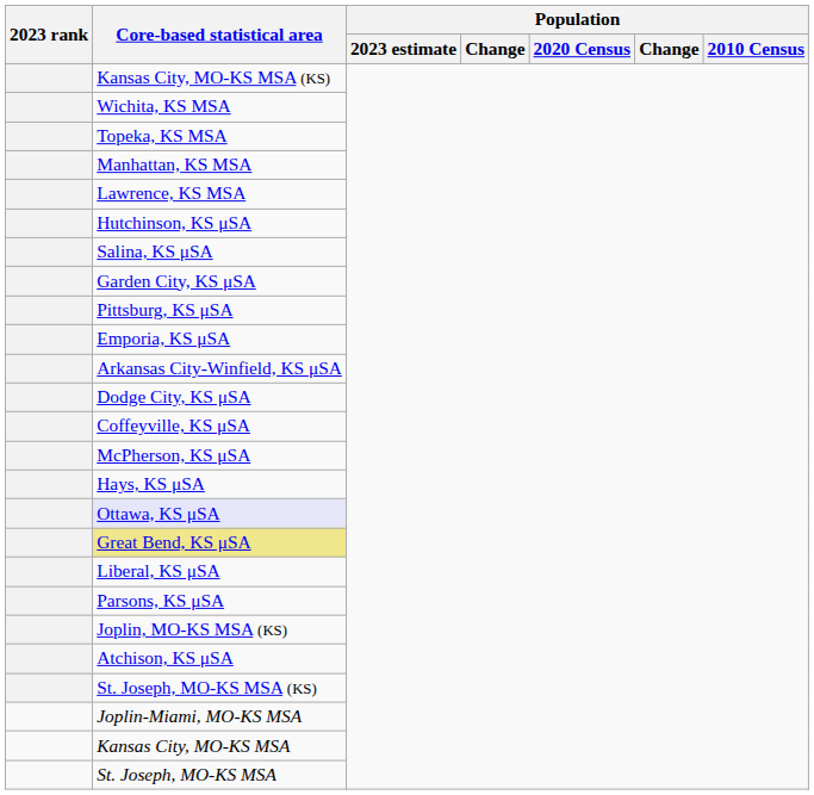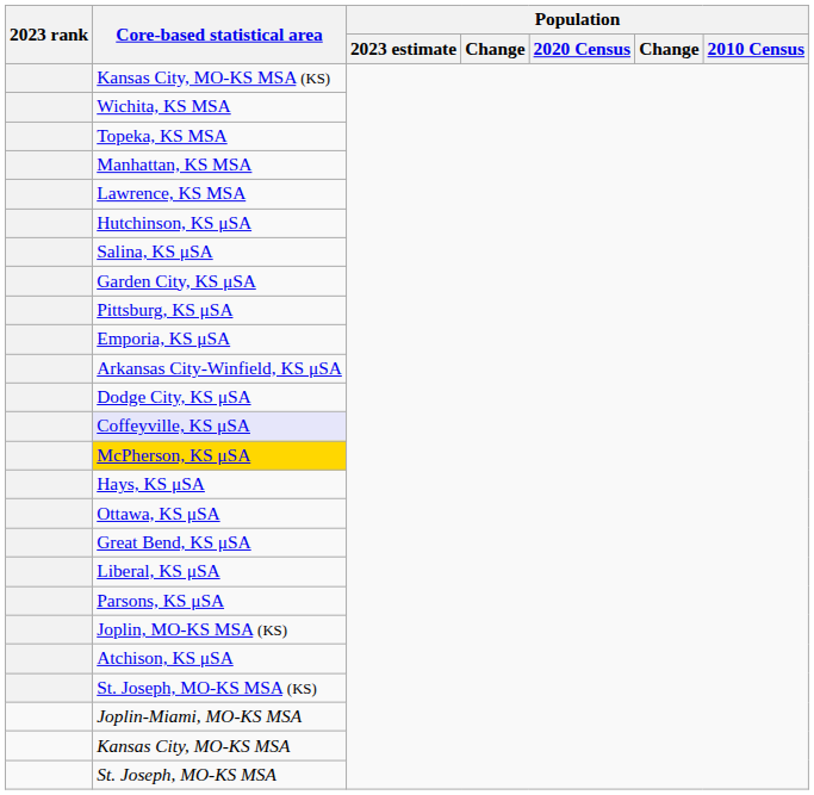 <table class="wikitable sortable">
 <tr>
 <th scope=col rowspan=2>2023 rank</th>
 <th scope=col rowspan=2><a href='#'>Core-based statistical area</a></th>
 <th colspan=5>Population</th>
 </tr>
 <tr>
 <th scope=col>2023 estimate</th>
 <th scope=col>Change</th>
 <th scope=col><a href='#'>2020 Census</a></th>
 <th scope=col>Change</th>
 <th scope=col><a href='#'>2010 Census</a></th>
 </tr>
 <tr>
 <th scope=row></th>
 <td><a href='#'>Kansas City, MO-KS MSA</a> <small>(KS)</small><br></td>
 </tr>
 <tr>
 <th scope=row></th>
 <td><a href='#'>Wichita, KS MSA</a><br></td>
 </tr>
 <tr>
 <th scope=row></th>
 <td><a href='#'>Topeka, KS MSA</a><br></td>
 </tr>
 <tr>
 <th scope=row></th>
 <td><a href='#'>Manhattan, KS MSA</a><br></td>
 </tr>
 <tr>
 <th scope=row></th>
 <td><a href='#'>Lawrence, KS MSA</a><br></td>
 </tr>
 <tr>
 <th scope=row></th>
 <td><a href='#'>Hutchinson, KS μSA</a><br></td>
 </tr>
 <tr>
 <th scope=row></th>
 <td><a href='#'>Salina, KS μSA</a><br></td>
 </tr>
 <tr>
 <th scope=row></th>
 <td><a href='#'>Garden City, KS μSA</a><br></td>
 </tr>
 <tr>
 <th scope=row></th>
 <td><a href='#'>Pittsburg, KS μSA</a><br></td>
 </tr>
 <tr>
 <th scope=row></th>
 <td><a href='#'>Emporia, KS μSA</a><br></td>
 </tr>
 <tr>
 <th scope=row></th>
 <td><a href='#'>Arkansas City-Winfield, KS μSA</a><br></td>
 </tr>
 <tr>
 <th scope=row></th>
 <td><a href='#'>Dodge City, KS μSA</a><br></td>
 </tr>
 <tr>
 <th scope=row></th>
-<td><a href='#'>Coffeyville, KS μSA</a><br></td>
+<td style="background: lavender;"><a href='#'>Coffeyville, KS μSA</a><br></td>
 </tr>
 <tr>
 <th scope=row></th>
-<td><a href='#'>McPherson, KS μSA</a><br></td>
+<td style="background: gold;"><a href='#'>McPherson, KS μSA</a><br></td>
 </tr>
 <tr>
 <th scope=row></th>
 <td><a href='#'>Hays, KS μSA</a><br></td>
 </tr>
 <tr>
 <th scope=row></th>
-<td style="background: lavender;"><a href='#'>Ottawa, KS μSA</a><br></td>
+<td><a href='#'>Ottawa, KS μSA</a><br></td>
 </tr>
 <tr>
 <th scope=row></th>
-<td style="background: khaki;"><a href='#'>Great Bend, KS μSA</a><br></td>
+<td><a href='#'>Great Bend, KS μSA</a><br></td>
 </tr>
 <tr>
 <th scope=row></th>
 <td><a href='#'>Liberal, KS μSA</a><br></td>
 </tr>
 <tr>
 <th scope=row></th>
 <td><a href='#'>Parsons, KS μSA</a><br></td>
 </tr>
 <tr>
 <th scope=row></th>
 <td><a href='#'>Joplin, MO-KS MSA</a> <small>(KS)</small><br></td>
 </tr>
 <tr>
 <th scope=row></th>
 <td><a href='#'>Atchison, KS μSA</a><br></td>
 </tr>
 <tr>
 <th scope=row></th>
 <td><a href='#'>St. Joseph, MO-KS MSA</a> <small>(KS)</small><br></td>
 </tr>
 <tr>
 <td></td>
 <td><em><span>Joplin-Miami, MO-KS MSA</span></em><br></td>
 </tr>
 <tr>
 <td></td>
 <td><em><span>Kansas City, MO-KS MSA</span></em><br></td>
 </tr>
 <tr>
 <td></td>
 <td><em><span>St. Joseph, MO-KS MSA</span></em><br></td>
 </tr>
 </table>
